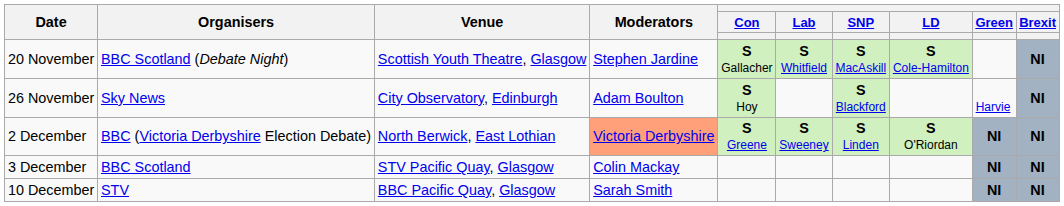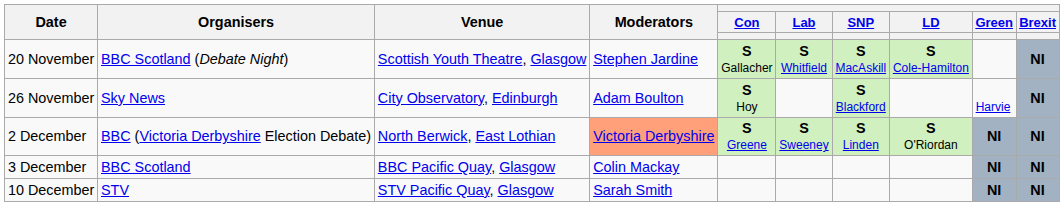 <table class="wikitable" style="font-size:90%;">
 <tr>
 <th rowspan="3">Date</th>
 <th rowspan="3">Organisers</th>
 <th rowspan="3">Venue</th>
 <th rowspan="3">Moderators</th>
 <th colspan="6" scope="col">         </th>
 </tr>
 <tr style="font-size:small;">
 <th scope="col"><a href='#'>Con</a></th>
 <th scope="col"><a href='#'>Lab</a></th>
 <th scope="col"><a href='#'>SNP</a></th>
 <th scope="col"><a href='#'>LD</a></th>
 <th scope="col"><a href='#'>Green</a></th>
 <th scope="col"><a href='#'>Brexit</a></th>
 </tr>
 <tr>
 <th style="background:"></th>
 <th style="background:"></th>
 <th style="background:"></th>
 <th style="background:"></th>
 <th style="background:"></th>
 <th style="background:"></th>
 </tr>
 <tr>
 <td>20 November</td>
 <td><a href='#'>BBC Scotland</a> (<em>Debate Night</em>)</td>
 <td><a href='#'>Scottish Youth Theatre</a>, <a href='#'>Glasgow</a></td>
 <td><a href='#'>Stephen Jardine</a></td>
 <td style="background:#D0F0C0; color:black; text-align:center;"><strong>S</strong><br><small>Gallacher</small></td>
 <td style="background:#D0F0C0; color:black; text-align:center;"><strong>S</strong><br><small><a href='#'>Whitfield</a></small></td>
 <td style="background:#D0F0C0; color:black; text-align:center;"><strong>S</strong><br><small><a href='#'>MacAskill</a></small></td>
 <td style="background:#D0F0C0; color:black; text-align:center;"><strong>S</strong><br><small><a href='#'>Cole-Hamilton</a></small></td>
 <td></td>
 <td style="background:#A2B2C2; color:black; text-align:center;"><strong>NI</strong></td>
 </tr>
 <tr>
 <td>26 November</td>
 <td><a href='#'>Sky News</a></td>
 <td><a href='#'>City Observatory</a>, <a href='#'>Edinburgh</a></td>
 <td><a href='#'>Adam Boulton</a></td>
 <td style="background:#D0F0C0; color:black; text-align:center;"><strong>S</strong><br><small>Hoy</small></td>
 <td></td>
 <td style="background:#D0F0C0; color:black; text-align:center;"><strong>S</strong><br><small><a href='#'>Blackford</a></small></td>
 <td></td>
 <td><br><small><a href='#'>Harvie</a></small></td>
 <td style="background:#A2B2C2; color:black; text-align:center;"><strong>NI</strong></td>
 </tr>
 <tr>
 <td>2 December</td>
 <td><a href='#'>BBC</a> (<a href='#'>Victoria Derbyshire</a> Election Debate)</td>
 <td><a href='#'>North Berwick</a>, <a href='#'>East Lothian</a></td>
 <td style="background: lightsalmon;"><a href='#'>Victoria Derbyshire</a></td>
 <td style="background:#D0F0C0; color:black; text-align:center;"><strong>S</strong><br><small><a href='#'>Greene</a></small></td>
 <td style="background:#D0F0C0; color:black; text-align:center;"><strong>S</strong><br><small><a href='#'>Sweeney</a></small></td>
 <td style="background:#D0F0C0; color:black; text-align:center;"><strong>S</strong><br><small><a href='#'>Linden</a></small></td>
 <td style="background:#D0F0C0; color:black; text-align:center;"><strong>S</strong><br><small>O'Riordan</small></td>
 <td style="background:#A2B2C2; color:black; text-align:center;"><strong>NI</strong></td>
 <td style="background:#A2B2C2; color:black; text-align:center;"><strong>NI</strong></td>
 </tr>
 <tr>
 <td>3 December</td>
 <td><a href='#'>BBC Scotland</a></td>
-<td><a href='#'>STV Pacific Quay</a>, <a href='#'>Glasgow</a></td>
+<td><a href='#'>BBC Pacific Quay</a>, <a href='#'>Glasgow</a></td>
 <td><a href='#'>Colin Mackay</a></td>
 <td></td>
 <td></td>
 <td></td>
 <td></td>
 <td style="background:#A2B2C2; color:black; text-align:center;"><strong>NI</strong></td>
 <td style="background:#A2B2C2; color:black; text-align:center;"><strong>NI</strong></td>
 </tr>
 <tr>
 <td>10 December</td>
 <td><a href='#'>STV</a></td>
-<td><a href='#'>BBC Pacific Quay</a>, <a href='#'>Glasgow</a></td>
+<td><a href='#'>STV Pacific Quay</a>, <a href='#'>Glasgow</a></td>
 <td><a href='#'>Sarah Smith</a></td>
 <td></td>
 <td></td>
 <td></td>
 <td></td>
 <td style="background:#A2B2C2; color:black; text-align:center;"><strong>NI</strong></td>
 <td style="background:#A2B2C2; color:black; text-align:center;"><strong>NI</strong></td>
 </tr>
 </table>
